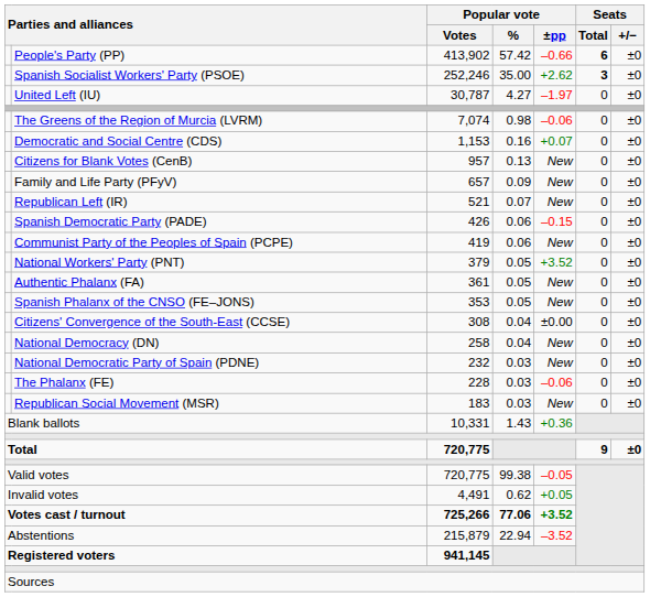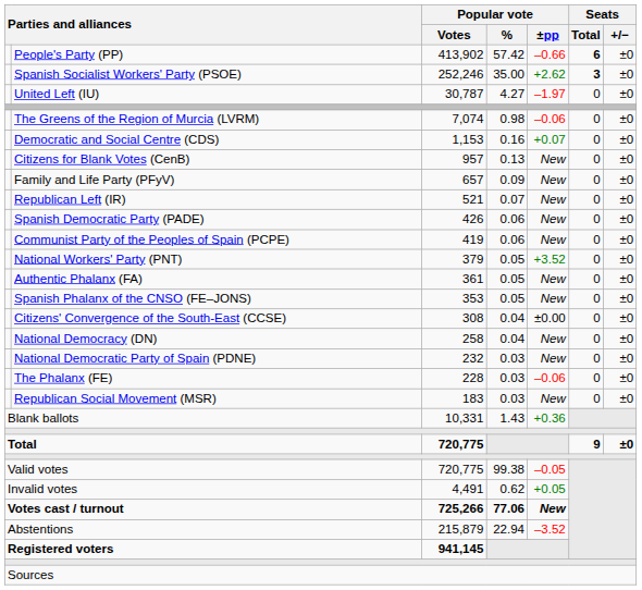 <table class="wikitable" style="text-align:right;">
 <tr>
 <th style="text-align:left;" rowspan="2" colspan="2" width="525">Parties and alliances</th>
 <th colspan="3">Popular vote</th>
 <th colspan="2">Seats</th>
 </tr>
 <tr>
 <th width="75">Votes</th>
 <th width="45">%</th>
 <th width="45">±<a href='#'>pp</a></th>
 <th width="35">Total</th>
 <th width="35">+/−</th>
 </tr>
 <tr>
 <td width="1" style="color:inherit;background:"></td>
 <td align="left"><a href='#'>People's Party</a> (PP)</td>
 <td>413,902</td>
 <td>57.42</td>
 <td style="color:red;">–0.66</td>
 <td><strong>6</strong></td>
 <td>±0</td>
 </tr>
 <tr>
 <td style="color:inherit;background:"></td>
 <td align="left"><a href='#'>Spanish Socialist Workers' Party</a> (PSOE)</td>
 <td>252,246</td>
 <td>35.00</td>
 <td style="color:green;">+2.62</td>
 <td><strong>3</strong></td>
 <td>±0</td>
 </tr>
 <tr>
 <td style="color:inherit;background:"></td>
 <td align="left"><a href='#'>United Left</a> (IU)</td>
 <td>30,787</td>
 <td>4.27</td>
 <td style="color:red;">–1.97</td>
 <td>0</td>
 <td>±0</td>
 </tr>
 <tr>
 <td colspan="7" bgcolor="#C0C0C0"></td>
 </tr>
 <tr>
 <td style="color:inherit;background:"></td>
 <td align="left"><a href='#'>The Greens of the Region of Murcia</a> (LVRM)</td>
 <td>7,074</td>
 <td>0.98</td>
 <td style="color:red;">–0.06</td>
 <td>0</td>
 <td>±0</td>
 </tr>
 <tr>
 <td style="color:inherit;background:"></td>
 <td align="left"><a href='#'>Democratic and Social Centre</a> (CDS)</td>
 <td>1,153</td>
 <td>0.16</td>
 <td style="color:green;">+0.07</td>
 <td>0</td>
 <td>±0</td>
 </tr>
 <tr>
 <td style="color:inherit;background:"></td>
 <td align="left"><a href='#'>Citizens for Blank Votes</a> (CenB)</td>
 <td>957</td>
 <td>0.13</td>
 <td><em>New</em></td>
 <td>0</td>
 <td>±0</td>
 </tr>
 <tr>
 <td style="color:inherit;background:"></td>
 <td align="left">Family and Life Party (PFyV)</td>
 <td>657</td>
 <td>0.09</td>
 <td><em>New</em></td>
 <td>0</td>
 <td>±0</td>
 </tr>
 <tr>
 <td style="color:inherit;background:"></td>
 <td align="left"><a href='#'>Republican Left</a> (IR)</td>
 <td>521</td>
 <td>0.07</td>
 <td><em>New</em></td>
 <td>0</td>
 <td>±0</td>
 </tr>
 <tr>
 <td style="color:inherit;background:"></td>
 <td align="left"><a href='#'>Spanish Democratic Party</a> (PADE)</td>
 <td>426</td>
 <td>0.06</td>
-<td style="color:red;">–0.15</td>
+<td><em>New</em></td>
 <td>0</td>
 <td>±0</td>
 </tr>
 <tr>
 <td style="color:inherit;background:"></td>
 <td align="left"><a href='#'>Communist Party of the Peoples of Spain</a> (PCPE)</td>
 <td>419</td>
 <td>0.06</td>
 <td><em>New</em></td>
 <td>0</td>
 <td>±0</td>
 </tr>
 <tr>
 <td style="color:inherit;background:"></td>
 <td align="left"><a href='#'>National Workers' Party</a> (PNT)</td>
 <td>379</td>
 <td>0.05</td>
 <td style="color:green;">+3.52</td>
 <td>0</td>
 <td>±0</td>
 </tr>
 <tr>
 <td style="color:inherit;background:"></td>
 <td align="left"><a href='#'>Authentic Phalanx</a> (FA)</td>
 <td>361</td>
 <td>0.05</td>
 <td><em>New</em></td>
 <td>0</td>
 <td>±0</td>
 </tr>
 <tr>
 <td style="color:inherit;background:"></td>
 <td align="left"><a href='#'>Spanish Phalanx of the CNSO</a> (FE–JONS)</td>
 <td>353</td>
 <td>0.05</td>
 <td><em>New</em></td>
 <td>0</td>
 <td>±0</td>
 </tr>
 <tr>
 <td style="color:inherit;background:"></td>
 <td align="left"><a href='#'>Citizens' Convergence of the South-East</a> (CCSE)</td>
 <td>308</td>
 <td>0.04</td>
 <td>±0.00</td>
 <td>0</td>
 <td>±0</td>
 </tr>
 <tr>
 <td style="color:inherit;background:"></td>
 <td align="left"><a href='#'>National Democracy</a> (DN)</td>
 <td>258</td>
 <td>0.04</td>
 <td><em>New</em></td>
 <td>0</td>
 <td>±0</td>
 </tr>
 <tr>
 <td style="color:inherit;background:"></td>
 <td align="left"><a href='#'>National Democratic Party of Spain</a> (PDNE)</td>
 <td>232</td>
 <td>0.03</td>
 <td><em>New</em></td>
 <td>0</td>
 <td>±0</td>
 </tr>
 <tr>
 <td style="color:inherit;background:"></td>
 <td align="left"><a href='#'>The Phalanx</a> (FE)</td>
 <td>228</td>
 <td>0.03</td>
 <td style="color:red;">–0.06</td>
 <td>0</td>
 <td>±0</td>
 </tr>
 <tr>
 <td style="color:inherit;background:"></td>
 <td align="left"><a href='#'>Republican Social Movement</a> (MSR)</td>
 <td>183</td>
 <td>0.03</td>
 <td><em>New</em></td>
 <td>0</td>
 <td>±0</td>
 </tr>
 <tr>
 <td align="left" colspan="2">Blank ballots</td>
 <td>10,331</td>
 <td>1.43</td>
 <td style="color:green;">+0.36</td>
 <td bgcolor="#E9E9E9" colspan="2"></td>
 </tr>
 <tr>
 <td colspan="7" bgcolor="#E9E9E9"></td>
 </tr>
 <tr style="font-weight:bold;">
 <td align="left" colspan="2">Total</td>
 <td>720,775</td>
 <td bgcolor="#E9E9E9" colspan="2"></td>
 <td>9</td>
 <td>±0</td>
 </tr>
 <tr>
 <td colspan="7" bgcolor="#E9E9E9"></td>
 </tr>
 <tr>
 <td align="left" colspan="2">Valid votes</td>
 <td>720,775</td>
 <td>99.38</td>
 <td style="color:red;">–0.05</td>
 <td bgcolor="#E9E9E9" colspan="2" rowspan="5"></td>
 </tr>
 <tr>
 <td align="left" colspan="2">Invalid votes</td>
 <td>4,491</td>
 <td>0.62</td>
 <td style="color:green;">+0.05</td>
 </tr>
 <tr style="font-weight:bold;">
 <td align="left" colspan="2">Votes cast / turnout</td>
 <td>725,266</td>
 <td>77.06</td>
-<td style="color:green;">+3.52</td>
+<td><em>New</em></td>
 </tr>
 <tr>
 <td align="left" colspan="2">Abstentions</td>
 <td>215,879</td>
 <td>22.94</td>
 <td style="color:red;">–3.52</td>
 </tr>
 <tr style="font-weight:bold;">
 <td align="left" colspan="2">Registered voters</td>
 <td>941,145</td>
 <td bgcolor="#E9E9E9" colspan="2"></td>
 </tr>
 <tr>
 <td colspan="7" bgcolor="#E9E9E9"></td>
 </tr>
 <tr>
 <td align="left" colspan="7">Sources</td>
 </tr>
 </table>
